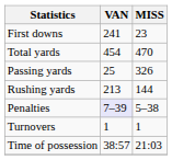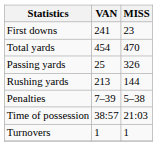 <table class="wikitable" style="float: left;">
 <tr>
 <th>Statistics</th>
 <th>VAN</th>
 <th>MISS</th>
 </tr>
 <tr>
 <td>First downs</td>
 <td>241</td>
 <td>23</td>
 </tr>
 <tr>
 <td>Total yards</td>
 <td>454</td>
 <td>470</td>
 </tr>
 <tr>
 <td>Passing yards</td>
 <td>25</td>
 <td>326</td>
 </tr>
 <tr>
 <td>Rushing yards</td>
 <td>213</td>
 <td>144</td>
 </tr>
 <tr>
 <td>Penalties</td>
-<td style="background: lavender;">7–39</td>
+<td>7–39</td>
 <td>5–38</td>
+</tr>
+<tr>
+<td>Time of possession</td>
+<td>38:57</td>
+<td>21:03</td>
 </tr>
 <tr>
 <td>Turnovers</td>
 <td>1</td>
 <td>1</td>
 </tr>
 <tr>
-<td>Time of possession</td>
-<td>38:57</td>
-<td>21:03</td>
-</tr>
-<tr>
 </tr>
 </table>
